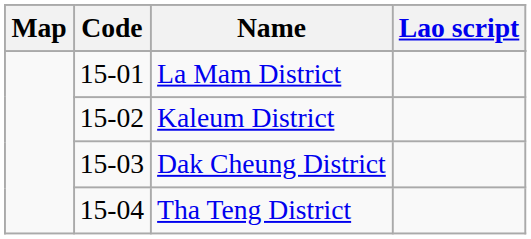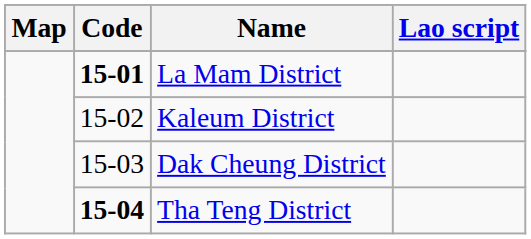 <table class="wikitable"  style="font-size:90%;">
 <tr>
 <th>Map</th>
 <th>Code</th>
 <th>Name</th>
 <th><a href='#'>Lao script</a></th>
 </tr>
 <tr>
 <td rowspan=5></td>
 </tr>
 <tr>
-<td>15-01</td>
+<td><strong>15-01</strong></td>
 <td><a href='#'>La Mam District</a></td>
 <td></td>
 </tr>
 <tr>
 <td>15-02</td>
 <td><a href='#'>Kaleum District</a></td>
 <td></td>
 </tr>
 <tr>
 <td>15-03</td>
 <td><a href='#'>Dak Cheung District</a></td>
 <td></td>
 </tr>
 <tr>
-<td>15-04</td>
+<td><strong>15-04</strong></td>
 <td><a href='#'>Tha Teng District</a></td>
 <td></td>
 </tr>
 </table>
